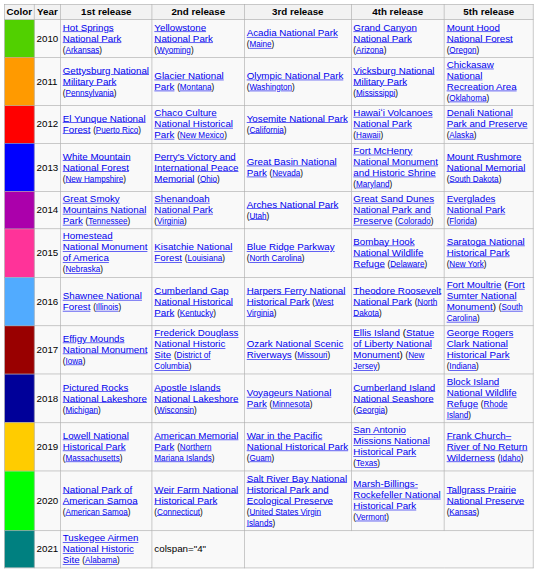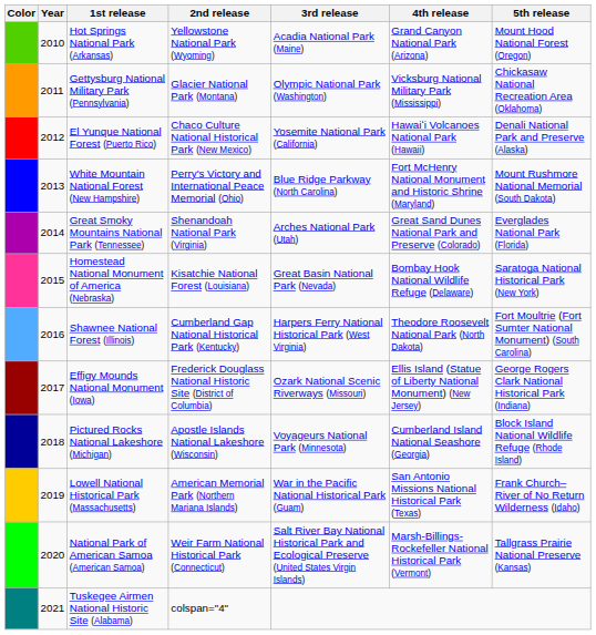 <table class="wikitable">
 <tr>
 <th>Color</th>
 <th>Year</th>
 <th>1st release</th>
 <th>2nd release</th>
 <th>3rd release</th>
 <th>4th release</th>
 <th>5th release</th>
 </tr>
 <tr>
 <td style="color:inherit;background:#51D000"></td>
 <td>2010</td>
 <td><a href='#'>Hot Springs National Park</a> <small>(<a href='#'>Arkansas</a>)</small></td>
 <td><a href='#'>Yellowstone National Park</a> <small>(<a href='#'>Wyoming</a>)</small></td>
 <td><a href='#'>Acadia National Park</a> <small>(<a href='#'>Maine</a>)</small></td>
 <td><a href='#'>Grand Canyon National Park</a> <small>(<a href='#'>Arizona</a>)</small></td>
 <td><a href='#'>Mount Hood National Forest</a> <small>(<a href='#'>Oregon</a>)</small></td>
 </tr>
 <tr>
 <td style="color:inherit;background:#FF9A00"></td>
 <td>2011</td>
 <td><a href='#'>Gettysburg National Military Park</a> <small>(<a href='#'>Pennsylvania</a>)</small></td>
 <td><a href='#'>Glacier National Park</a> <small>(<a href='#'>Montana</a>)</small></td>
 <td><a href='#'>Olympic National Park</a> <small>(<a href='#'>Washington</a>)</small></td>
 <td><a href='#'>Vicksburg National Military Park</a> <small>(<a href='#'>Mississippi</a>)</small></td>
 <td><a href='#'>Chickasaw National Recreation Area</a> <small>(<a href='#'>Oklahoma</a>)</small></td>
 </tr>
 <tr>
 <td style="color:inherit;background:#FF0000"></td>
 <td>2012</td>
 <td><a href='#'>El Yunque National Forest</a> <small>(<a href='#'>Puerto Rico</a>)</small></td>
 <td><a href='#'>Chaco Culture National Historical Park</a> <small>(<a href='#'>New Mexico</a>)</small></td>
 <td><a href='#'>Yosemite National Park</a> <small>(<a href='#'>California</a>)</small></td>
 <td><a href='#'>Hawaiʻi Volcanoes National Park</a> <small>(<a href='#'>Hawaii</a>)</small></td>
 <td><a href='#'>Denali National Park and Preserve</a> <small>(<a href='#'>Alaska</a>)</small></td>
 </tr>
 <tr>
 <td style="color:inherit;background:#0000FF"></td>
 <td>2013</td>
 <td><a href='#'>White Mountain National Forest</a> <small>(<a href='#'>New Hampshire</a>)</small></td>
 <td><a href='#'>Perry's Victory and International Peace Memorial</a> <small>(<a href='#'>Ohio</a>)</small></td>
-<td><a href='#'>Great Basin National Park</a> <small>(<a href='#'>Nevada</a>)</small></td>
+<td><a href='#'>Blue Ridge Parkway</a> <small>(<a href='#'>North Carolina</a>)</small></td>
 <td><a href='#'>Fort McHenry National Monument and Historic Shrine</a> <small>(<a href='#'>Maryland</a>)</small></td>
 <td><a href='#'>Mount Rushmore National Memorial</a>  <small>(<a href='#'>South Dakota</a>)</small></td>
 </tr>
 <tr>
 <td style="color:inherit;background:#AB00AB"></td>
 <td>2014</td>
 <td><a href='#'>Great Smoky Mountains National Park</a> <small>(<a href='#'>Tennessee</a>)</small></td>
 <td><a href='#'>Shenandoah National Park</a> <small>(<a href='#'>Virginia</a>)</small></td>
 <td><a href='#'>Arches National Park</a> <small>(<a href='#'>Utah</a>)</small></td>
 <td><a href='#'>Great Sand Dunes National Park and Preserve</a> <small>(<a href='#'>Colorado</a>)</small></td>
 <td><a href='#'>Everglades National Park</a> <small>(<a href='#'>Florida</a>)</small></td>
 </tr>
 <tr>
 <td style="color:inherit;background:#FF3399"></td>
 <td>2015</td>
 <td><a href='#'>Homestead National Monument of America</a> <small>(<a href='#'>Nebraska</a>)</small></td>
 <td><a href='#'>Kisatchie National Forest</a> <small>(<a href='#'>Louisiana</a>)</small></td>
-<td><a href='#'>Blue Ridge Parkway</a> <small>(<a href='#'>North Carolina</a>)</small></td>
+<td><a href='#'>Great Basin National Park</a> <small>(<a href='#'>Nevada</a>)</small></td>
 <td><a href='#'>Bombay Hook National Wildlife Refuge</a> <small>(<a href='#'>Delaware</a>)</small></td>
 <td><a href='#'>Saratoga National Historical Park</a> <small>(<a href='#'>New York</a>)</small></td>
 </tr>
 <tr>
 <td style="color:inherit;background:#51ABFF"></td>
 <td>2016</td>
 <td><a href='#'>Shawnee National Forest</a> <small>(<a href='#'>Illinois</a>)</small></td>
 <td><a href='#'>Cumberland Gap National Historical Park</a> <small>(<a href='#'>Kentucky</a>)</small></td>
 <td><a href='#'>Harpers Ferry National Historical Park</a> <small>(<a href='#'>West Virginia</a>)</small></td>
 <td><a href='#'>Theodore Roosevelt National Park</a> <small>(<a href='#'>North Dakota</a>)</small></td>
 <td><a href='#'>Fort Moultrie</a> (<a href='#'>Fort Sumter National Monument</a>) <small>(<a href='#'>South Carolina</a>)</small></td>
 </tr>
 <tr>
 <td style="color:inherit;background:#990000"></td>
 <td>2017</td>
 <td><a href='#'>Effigy Mounds National Monument</a> <small>(<a href='#'>Iowa</a>)</small></td>
 <td><a href='#'>Frederick Douglass National Historic Site</a> <small>(<a href='#'>District of Columbia</a>)</small></td>
 <td><a href='#'>Ozark National Scenic Riverways</a> <small>(<a href='#'>Missouri</a>)</small></td>
 <td><a href='#'>Ellis Island</a> (<a href='#'>Statue of Liberty National Monument</a>) <small>(<a href='#'>New Jersey</a>)</small></td>
 <td><a href='#'>George Rogers Clark National Historical Park</a> <small>(<a href='#'>Indiana</a>)</small></td>
 </tr>
 <tr>
 <td style="color:inherit;background:#000099"></td>
 <td>2018</td>
 <td><a href='#'>Pictured Rocks National Lakeshore</a> <small>(<a href='#'>Michigan</a>)</small></td>
 <td><a href='#'>Apostle Islands National Lakeshore</a> <small>(<a href='#'>Wisconsin</a>)</small></td>
 <td><a href='#'>Voyageurs National Park</a> <small>(<a href='#'>Minnesota</a>)</small></td>
 <td><a href='#'>Cumberland Island National Seashore</a> <small>(<a href='#'>Georgia</a>)</small></td>
 <td><a href='#'>Block Island National Wildlife Refuge</a> <small>(<a href='#'>Rhode Island</a>)</small></td>
 </tr>
 <tr>
 <td style="color:inherit;background:#FFCC00"></td>
 <td>2019</td>
 <td><a href='#'>Lowell National Historical Park</a> <small>(<a href='#'>Massachusetts</a>)</small></td>
 <td><a href='#'>American Memorial Park</a> <small>(<a href='#'>Northern Mariana Islands</a>)</small></td>
 <td><a href='#'>War in the Pacific National Historical Park</a> <small>(<a href='#'>Guam</a>)</small></td>
 <td><a href='#'>San Antonio Missions National Historical Park</a> <small>(<a href='#'>Texas</a>)</small></td>
 <td><a href='#'>Frank Church–River of No Return Wilderness</a> <small>(<a href='#'>Idaho</a>)</small></td>
 </tr>
 <tr>
 <td style="color:inherit;background:#00FF00"></td>
 <td>2020</td>
 <td><a href='#'>National Park of American Samoa</a> <small>(<a href='#'>American Samoa</a>)</small></td>
 <td><a href='#'>Weir Farm National Historical Park</a> <small>(<a href='#'>Connecticut</a>)</small></td>
 <td><a href='#'>Salt River Bay National Historical Park and Ecological Preserve</a> <small>(<a href='#'>United States Virgin Islands</a>)</small></td>
 <td><a href='#'>Marsh-Billings-Rockefeller National Historical Park</a> <small>(<a href='#'>Vermont</a>)</small></td>
 <td><a href='#'>Tallgrass Prairie National Preserve</a> <small>(<a href='#'>Kansas</a>)</small></td>
 </tr>
 <tr>
 <td style="color:inherit;background:#008080"></td>
 <td>2021</td>
 <td><a href='#'>Tuskegee Airmen National Historic Site</a> <small>(<a href='#'>Alabama</a>)</small></td>
 <td>colspan="4" </td>
 </tr>
 </table>
